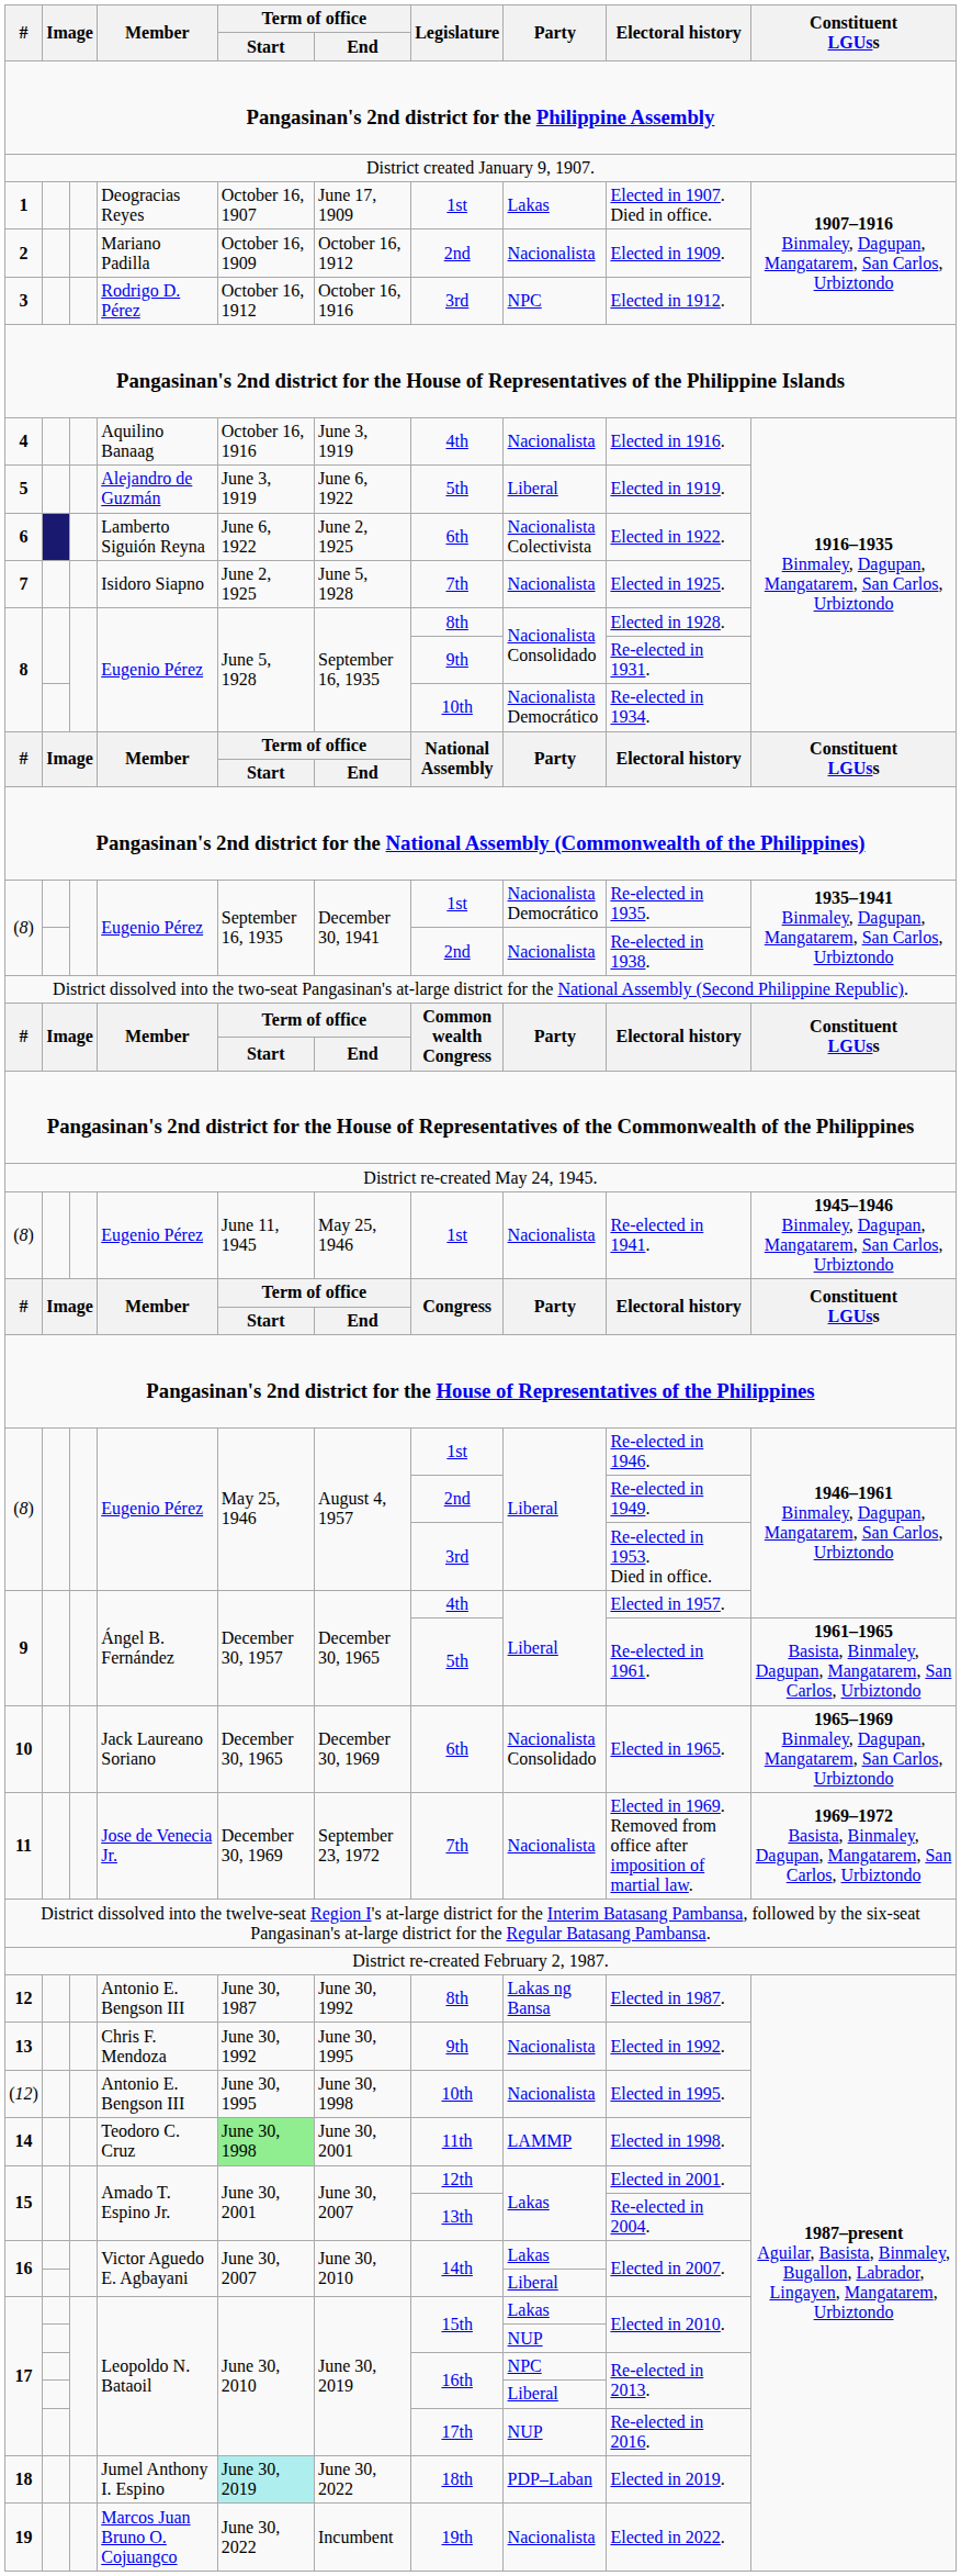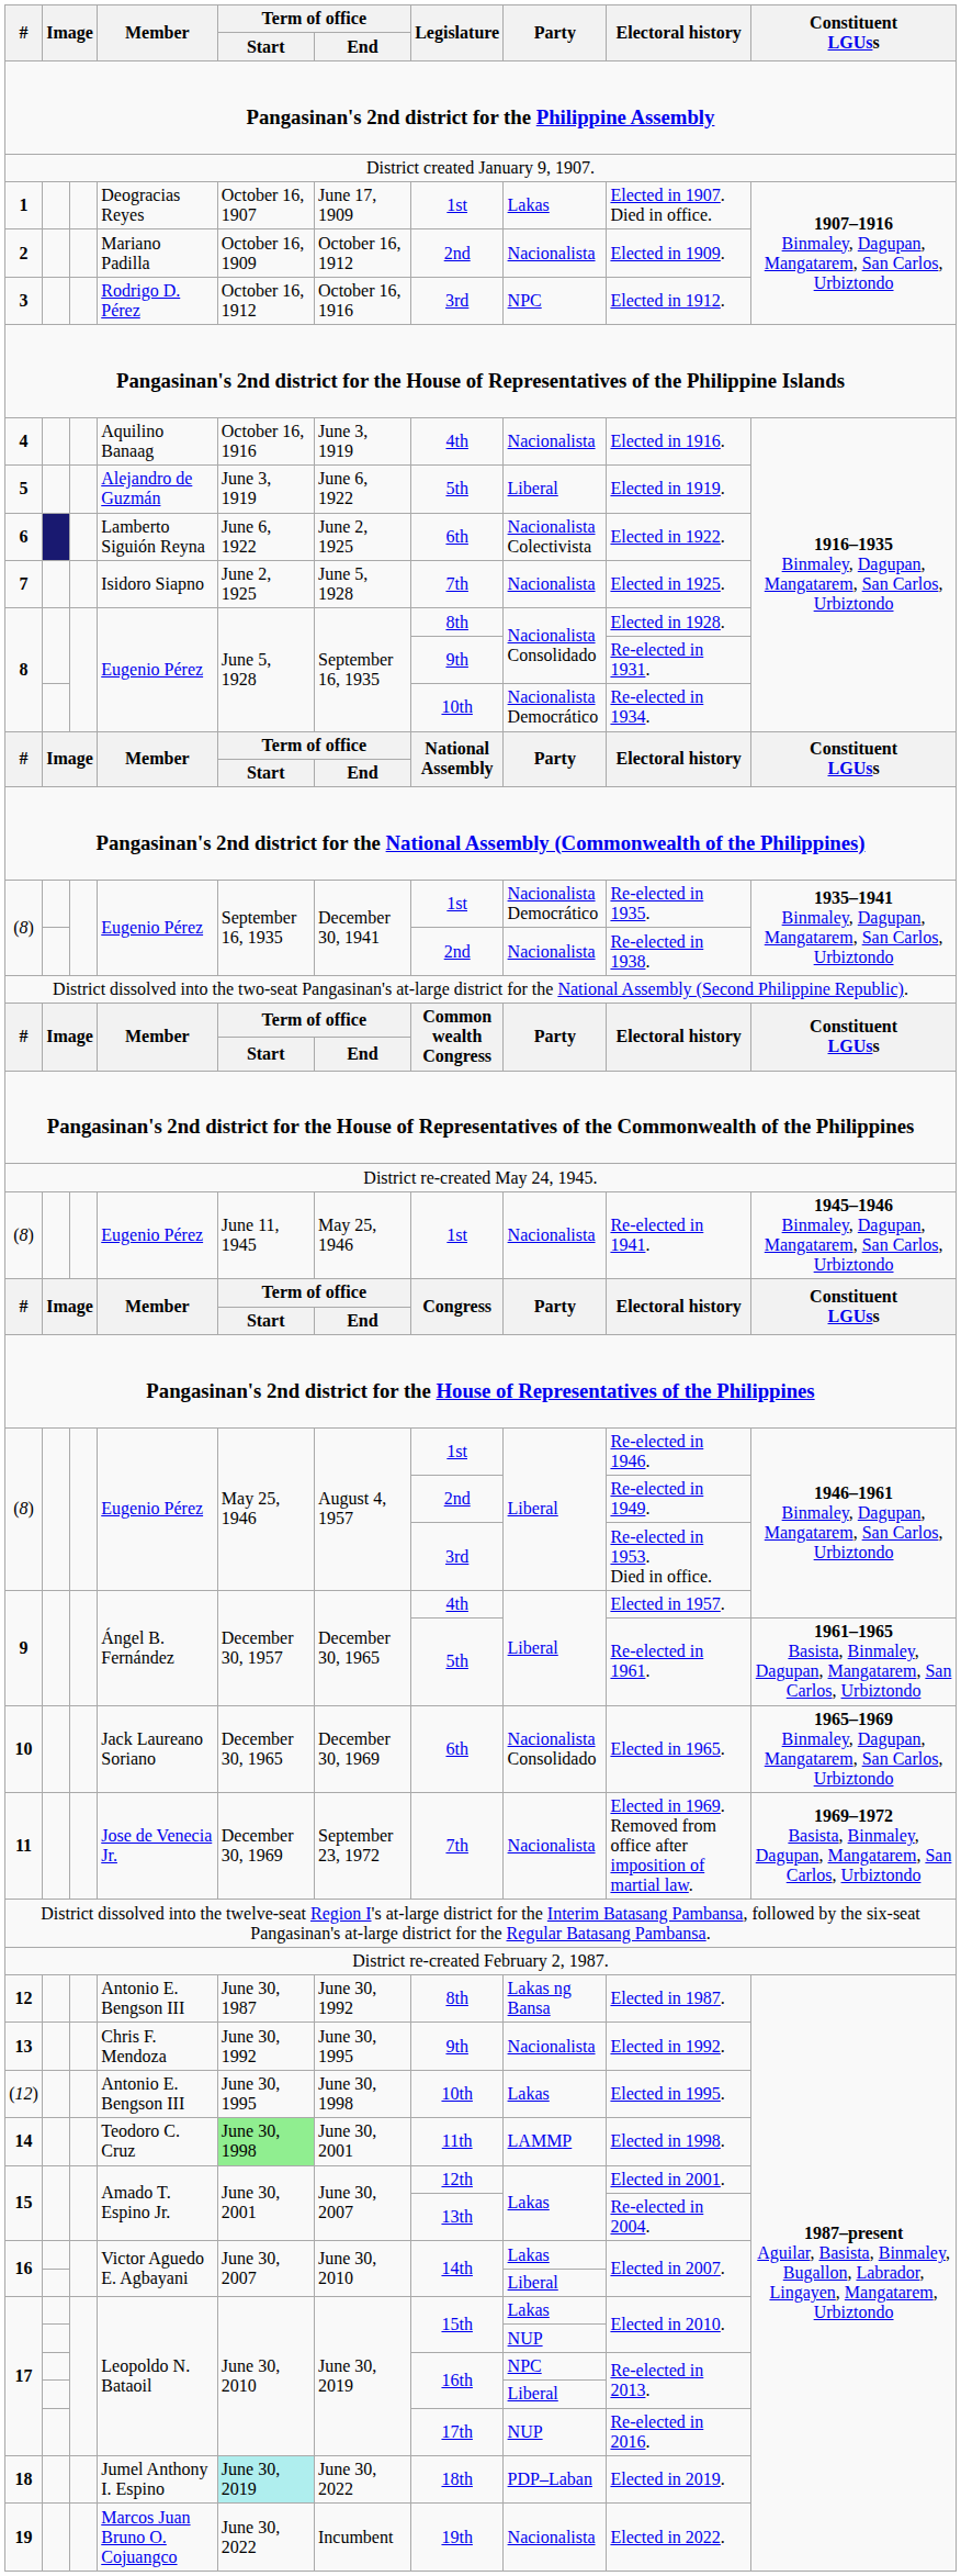 <table class=wikitable>
 <tr>
 <th rowspan="2">#</th>
 <th rowspan="2" colspan=2>Image</th>
 <th rowspan="2">Member</th>
 <th colspan=2>Term of office</th>
 <th rowspan="2">Legislature</th>
 <th rowspan="2">Party</th>
 <th rowspan="2">Electoral history</th>
 <th rowspan="2">Constituent<br><a href='#'>LGUs</a>s</th>
 </tr>
 <tr>
 <th>Start</th>
 <th>End</th>
 </tr>
 <tr>
 <td colspan="10" style="text-align:center;"><br><h3>Pangasinan's 2nd district for the <a href='#'>Philippine Assembly</a></h3></td>
 </tr>
 <tr>
 <td colspan="10" style="text-align:center;">District created January 9, 1907.</td>
 </tr>
 <tr>
 <td style="text-align:center;"><strong>1</strong></td>
 <td style="color:inherit;background:"></td>
 <td></td>
 <td>Deogracias Reyes</td>
 <td>October 16, 1907</td>
 <td>June 17, 1909</td>
 <td style="text-align:center;"><a href='#'>1st</a></td>
 <td><a href='#'>Lakas</a></td>
 <td><a href='#'>Elected in 1907</a>. <br> Died in office.</td>
 <td rowspan="3" style="text-align:center;"><strong>1907–1916</strong><br><a href='#'>Binmaley</a>, <a href='#'>Dagupan</a>, <a href='#'>Mangatarem</a>, <a href='#'>San Carlos</a>, <a href='#'>Urbiztondo</a></td>
 </tr>
 <tr>
 <td style="text-align:center;"><strong>2</strong></td>
 <td style="color:inherit;background:"></td>
 <td></td>
 <td>Mariano Padilla</td>
 <td>October 16, 1909</td>
 <td>October 16, 1912</td>
 <td style="text-align:center;"><a href='#'>2nd</a></td>
 <td><a href='#'>Nacionalista</a></td>
 <td><a href='#'>Elected in 1909</a>.</td>
 </tr>
 <tr>
 <td style="text-align:center;"><strong>3</strong></td>
 <td style="color:inherit;background:"></td>
 <td></td>
 <td><a href='#'>Rodrigo D. Pérez</a></td>
 <td>October 16, 1912</td>
 <td>October 16, 1916</td>
 <td style="text-align:center;"><a href='#'>3rd</a></td>
 <td><a href='#'>NPC</a></td>
 <td><a href='#'>Elected in 1912</a>.</td>
 </tr>
 <tr>
 <td colspan="10" style="text-align:center;"><br><h3>Pangasinan's 2nd district for the House of Representatives of the Philippine Islands</h3></td>
 </tr>
 <tr>
 <td style="text-align:center;"><strong>4</strong></td>
 <td style="color:inherit;background:"></td>
 <td></td>
 <td>Aquilino Banaag</td>
 <td>October 16, 1916</td>
 <td>June 3, 1919</td>
 <td style="text-align:center;"><a href='#'>4th</a></td>
 <td><a href='#'>Nacionalista</a></td>
 <td><a href='#'>Elected in 1916</a>.</td>
 <td rowspan="7" style="text-align:center;"><strong>1916–1935</strong><br><a href='#'>Binmaley</a>, <a href='#'>Dagupan</a>, <a href='#'>Mangatarem</a>, <a href='#'>San Carlos</a>, <a href='#'>Urbiztondo</a></td>
 </tr>
 <tr>
 <td style="text-align:center;"><strong>5</strong></td>
 <td style="color:inherit;background:"></td>
 <td></td>
 <td><a href='#'>Alejandro de Guzmán</a></td>
 <td>June 3, 1919</td>
 <td>June 6, 1922</td>
 <td style="text-align:center;"><a href='#'>5th</a></td>
 <td><a href='#'>Liberal</a></td>
 <td><a href='#'>Elected in 1919</a>.</td>
 </tr>
 <tr>
 <td style="text-align:center;"><strong>6</strong></td>
 <td style="background-color:#191970"></td>
 <td></td>
 <td>Lamberto Siguión Reyna</td>
 <td>June 6, 1922</td>
 <td>June 2, 1925</td>
 <td style="text-align:center;"><a href='#'>6th</a></td>
 <td><a href='#'>Nacionalista</a><br>Colectivista</td>
 <td><a href='#'>Elected in 1922</a>.</td>
 </tr>
 <tr>
 <td style="text-align:center;"><strong>7</strong></td>
 <td style="color:inherit;background:"></td>
 <td></td>
 <td>Isidoro Siapno</td>
 <td>June 2, 1925</td>
 <td>June 5, 1928</td>
 <td style="text-align:center;"><a href='#'>7th</a></td>
 <td><a href='#'>Nacionalista</a></td>
 <td><a href='#'>Elected in 1925</a>.</td>
 </tr>
 <tr>
 <td rowspan="3" style="text-align:center;"><strong>8</strong></td>
 <td rowspan="2" style="color:inherit;background:"></td>
 <td rowspan="3"></td>
 <td rowspan="3"><a href='#'>Eugenio Pérez</a></td>
 <td rowspan="3">June 5, 1928</td>
 <td rowspan="3">September 16, 1935</td>
 <td style="text-align:center;"><a href='#'>8th</a></td>
 <td rowspan="2"><a href='#'>Nacionalista</a><br>Consolidado</td>
 <td><a href='#'>Elected in 1928</a>.</td>
 </tr>
 <tr>
 <td style="text-align:center;"><a href='#'>9th</a></td>
 <td><a href='#'>Re-elected in 1931</a>.</td>
 </tr>
 <tr>
 <td style="color:inherit;background:"></td>
 <td style="text-align:center;"><a href='#'>10th</a></td>
 <td><a href='#'>Nacionalista</a><br>Democrático</td>
 <td><a href='#'>Re-elected in 1934</a>.</td>
 </tr>
 <tr>
 <th rowspan="2">#</th>
 <th rowspan="2" colspan=2>Image</th>
 <th rowspan="2">Member</th>
 <th colspan=2>Term of office</th>
 <th rowspan="2">National<br>Assembly</th>
 <th rowspan="2">Party</th>
 <th rowspan="2">Electoral history</th>
 <th rowspan="2">Constituent<br><a href='#'>LGUs</a>s</th>
 </tr>
 <tr>
 <th>Start</th>
 <th>End</th>
 </tr>
 <tr>
 <td colspan="10" style="text-align:center;"><br><h3>Pangasinan's 2nd district for the <a href='#'>National Assembly (Commonwealth of the Philippines)</a></h3></td>
 </tr>
 <tr>
 <td rowspan="2" style="text-align:center;">(<em>8</em>)</td>
 <td style="color:inherit;background:"></td>
 <td rowspan="2"></td>
 <td rowspan="2"><a href='#'>Eugenio Pérez</a></td>
 <td rowspan="2">September 16, 1935</td>
 <td rowspan="2">December 30, 1941</td>
 <td style="text-align:center;"><a href='#'>1st</a></td>
 <td><a href='#'>Nacionalista</a><br>Democrático</td>
 <td><a href='#'>Re-elected in 1935</a>.</td>
 <td rowspan="2" style="text-align:center;"><strong>1935–1941</strong><br><a href='#'>Binmaley</a>, <a href='#'>Dagupan</a>, <a href='#'>Mangatarem</a>, <a href='#'>San Carlos</a>, <a href='#'>Urbiztondo</a></td>
 </tr>
 <tr>
 <td style="color:inherit;background:"></td>
 <td style="text-align:center;"><a href='#'>2nd</a></td>
 <td><a href='#'>Nacionalista</a></td>
 <td><a href='#'>Re-elected in 1938</a>.</td>
 </tr>
 <tr>
 <td colspan="10" style="text-align:center;">District dissolved into the two-seat Pangasinan's at-large district for the <a href='#'>National Assembly (Second Philippine Republic)</a>.</td>
 </tr>
 <tr>
 <th rowspan="2">#</th>
 <th rowspan="2" colspan=2>Image</th>
 <th rowspan="2">Member</th>
 <th colspan=2>Term of office</th>
 <th rowspan="2">Common<br>wealth<br>Congress</th>
 <th rowspan="2">Party</th>
 <th rowspan="2">Electoral history</th>
 <th rowspan="2">Constituent<br><a href='#'>LGUs</a>s</th>
 </tr>
 <tr>
 <th>Start</th>
 <th>End</th>
 </tr>
 <tr>
 <td colspan="10" style="text-align:center;"><br><h3>Pangasinan's 2nd district for the House of Representatives of the Commonwealth of the Philippines</h3></td>
 </tr>
 <tr>
 <td colspan="10" style="text-align:center;">District re-created May 24, 1945.</td>
 </tr>
 <tr>
 <td style="text-align:center;">(<em>8</em>)</td>
 <td style="color:inherit;background:"></td>
 <td></td>
 <td><a href='#'>Eugenio Pérez</a></td>
 <td>June 11, 1945</td>
 <td>May 25, 1946</td>
 <td style="text-align:center;"><a href='#'>1st</a></td>
 <td><a href='#'>Nacionalista</a></td>
 <td><a href='#'>Re-elected in 1941</a>.</td>
 <td style="text-align:center;"><strong>1945–1946</strong><br><a href='#'>Binmaley</a>, <a href='#'>Dagupan</a>, <a href='#'>Mangatarem</a>, <a href='#'>San Carlos</a>, <a href='#'>Urbiztondo</a></td>
 </tr>
 <tr>
 <th rowspan="2">#</th>
 <th rowspan="2" colspan=2>Image</th>
 <th rowspan="2">Member</th>
 <th colspan=2>Term of office</th>
 <th rowspan="2">Congress</th>
 <th rowspan="2">Party</th>
 <th rowspan="2">Electoral history</th>
 <th rowspan="2">Constituent<br><a href='#'>LGUs</a>s</th>
 </tr>
 <tr>
 <th>Start</th>
 <th>End</th>
 </tr>
 <tr>
 <td colspan="10" style="text-align:center;"><br><h3>Pangasinan's 2nd district for the <a href='#'>House of Representatives of the Philippines</a></h3></td>
 </tr>
 <tr>
 <td rowspan="3" style="text-align:center;">(<em>8</em>)</td>
 <td rowspan="3" style="color:inherit;background:"></td>
 <td rowspan="3"></td>
 <td rowspan="3"><a href='#'>Eugenio Pérez</a></td>
 <td rowspan="3">May 25, 1946</td>
 <td rowspan="3">August 4, 1957</td>
 <td style="text-align:center;"><a href='#'>1st</a></td>
 <td rowspan="3"><a href='#'>Liberal</a></td>
 <td><a href='#'>Re-elected in 1946</a>.</td>
 <td rowspan="4" style="text-align:center;"><strong>1946–1961</strong><br><a href='#'>Binmaley</a>, <a href='#'>Dagupan</a>, <a href='#'>Mangatarem</a>, <a href='#'>San Carlos</a>, <a href='#'>Urbiztondo</a></td>
 </tr>
 <tr>
 <td style="text-align:center;"><a href='#'>2nd</a></td>
 <td><a href='#'>Re-elected in 1949</a>.</td>
 </tr>
 <tr>
 <td style="text-align:center;"><a href='#'>3rd</a></td>
 <td><a href='#'>Re-elected in 1953</a>. <br> Died in office.</td>
 </tr>
 <tr>
 <td rowspan="2" style="text-align:center;"><strong>9</strong></td>
 <td rowspan="2" style="color:inherit;background:"></td>
 <td rowspan="2"></td>
 <td rowspan="2">Ángel B. Fernández</td>
 <td rowspan="2">December 30, 1957</td>
 <td rowspan="2">December 30, 1965</td>
 <td style="text-align:center;"><a href='#'>4th</a></td>
 <td rowspan="2"><a href='#'>Liberal</a></td>
 <td><a href='#'>Elected in 1957</a>.</td>
 </tr>
 <tr>
 <td style="text-align:center;"><a href='#'>5th</a></td>
 <td><a href='#'>Re-elected in 1961</a>.</td>
 <td style="text-align:center;"><strong>1961–1965</strong><br><a href='#'>Basista</a>, <a href='#'>Binmaley</a>, <a href='#'>Dagupan</a>, <a href='#'>Mangatarem</a>, <a href='#'>San Carlos</a>, <a href='#'>Urbiztondo</a> </td>
 </tr>
 <tr>
 <td style="text-align:center;"><strong>10</strong></td>
 <td style="color:inherit;background:"></td>
 <td></td>
 <td>Jack Laureano Soriano</td>
 <td>December 30, 1965</td>
 <td>December 30, 1969</td>
 <td style="text-align:center;"><a href='#'>6th</a></td>
 <td><a href='#'>Nacionalista</a><br>Consolidado</td>
 <td><a href='#'>Elected in 1965</a>.</td>
 <td style="text-align:center;"><strong>1965–1969</strong><br><a href='#'>Binmaley</a>, <a href='#'>Dagupan</a>, <a href='#'>Mangatarem</a>, <a href='#'>San Carlos</a>, <a href='#'>Urbiztondo</a> </td>
 </tr>
 <tr>
 <td style="text-align:center;"><strong>11</strong></td>
 <td style="color:inherit;background:"></td>
 <td></td>
 <td><a href='#'>Jose de Venecia Jr.</a></td>
 <td>December 30, 1969</td>
 <td>September 23, 1972</td>
 <td style="text-align:center;"><a href='#'>7th</a></td>
 <td><a href='#'>Nacionalista</a></td>
 <td><a href='#'>Elected in 1969</a>.<br>Removed from office after <a href='#'>imposition of martial law</a>.</td>
 <td style="text-align:center;"><strong>1969–1972</strong><br><a href='#'>Basista</a>, <a href='#'>Binmaley</a>, <a href='#'>Dagupan</a>, <a href='#'>Mangatarem</a>, <a href='#'>San Carlos</a>, <a href='#'>Urbiztondo</a> </td>
 </tr>
 <tr>
 <td colspan="10" style="text-align:center;">District dissolved into the twelve-seat <a href='#'>Region I</a>'s at-large district for the <a href='#'>Interim Batasang Pambansa</a>, followed by the six-seat Pangasinan's at-large district for the <a href='#'>Regular Batasang Pambansa</a>.</td>
 </tr>
 <tr>
 <td colspan="10" style="text-align:center;">District re-created February 2, 1987.</td>
 </tr>
 <tr>
 <td style="text-align:center;"><strong>12</strong></td>
 <td style="color:inherit;background:"></td>
 <td></td>
 <td>Antonio E. Bengson III</td>
 <td>June 30, 1987</td>
 <td>June 30, 1992</td>
 <td style="text-align:center;"><a href='#'>8th</a></td>
 <td><a href='#'>Lakas ng Bansa</a></td>
 <td><a href='#'>Elected in 1987</a>.</td>
 <td rowspan="15" style="text-align:center;"><strong>1987–present</strong><br><a href='#'>Aguilar</a>, <a href='#'>Basista</a>, <a href='#'>Binmaley</a>, <a href='#'>Bugallon</a>, <a href='#'>Labrador</a>, <a href='#'>Lingayen</a>, <a href='#'>Mangatarem</a>, <a href='#'>Urbiztondo</a></td>
 </tr>
 <tr>
 <td style="text-align:center;"><strong>13</strong></td>
 <td style="color:inherit;background:"></td>
 <td></td>
 <td>Chris F. Mendoza</td>
 <td>June 30, 1992</td>
 <td>June 30, 1995</td>
 <td style="text-align:center;"><a href='#'>9th</a></td>
 <td><a href='#'>Nacionalista</a></td>
 <td><a href='#'>Elected in 1992</a>.</td>
 </tr>
 <tr>
 <td style="text-align:center;">(<em>12</em>)</td>
 <td style="color:inherit;background:"></td>
 <td></td>
 <td>Antonio E. Bengson III</td>
 <td>June 30, 1995</td>
 <td>June 30, 1998</td>
 <td style="text-align:center;"><a href='#'>10th</a></td>
-<td><a href='#'>Nacionalista</a></td>
+<td><a href='#'>Lakas</a></td>
 <td><a href='#'>Elected in 1995</a>.</td>
 </tr>
 <tr>
 <td style="text-align:center;"><strong>14</strong></td>
 <td style="color:inherit;background:"></td>
 <td></td>
 <td>Teodoro C. Cruz</td>
 <td style="background: lightgreen;">June 30, 1998</td>
 <td>June 30, 2001</td>
 <td style="text-align:center;"><a href='#'>11th</a></td>
 <td><a href='#'>LAMMP</a></td>
 <td><a href='#'>Elected in 1998</a>.</td>
 </tr>
 <tr>
 <td rowspan="2" style="text-align:center;"><strong>15</strong></td>
 <td rowspan="2" style="color:inherit;background:"></td>
 <td rowspan="2"></td>
 <td rowspan="2">Amado T. Espino Jr.</td>
 <td rowspan="2">June 30, 2001</td>
 <td rowspan="2">June 30, 2007</td>
 <td style="text-align:center;"><a href='#'>12th</a></td>
 <td rowspan="2"><a href='#'>Lakas</a></td>
 <td><a href='#'>Elected in 2001</a>.</td>
 </tr>
 <tr>
 <td style="text-align:center;"><a href='#'>13th</a></td>
 <td><a href='#'>Re-elected in 2004</a>.</td>
 </tr>
 <tr>
 <td style="text-align:center;" rowspan="2"><strong>16</strong></td>
 <td style="color:inherit;background:"></td>
 <td rowspan="2"></td>
 <td rowspan="2">Victor Aguedo E. Agbayani</td>
 <td rowspan="2">June 30, 2007</td>
 <td rowspan="2">June 30, 2010</td>
 <td style="text-align:center;" rowspan="2"><a href='#'>14th</a></td>
 <td><a href='#'>Lakas</a></td>
 <td rowspan="2"><a href='#'>Elected in 2007</a>.</td>
 </tr>
 <tr>
 <td style="color:inherit;background:"></td>
 <td><a href='#'>Liberal</a></td>
 </tr>
 <tr>
 <td rowspan="5" style="text-align:center;"><strong>17</strong></td>
 <td style="color:inherit;background:"></td>
 <td rowspan="5"></td>
 <td rowspan="5">Leopoldo N. Bataoil</td>
 <td rowspan="5">June 30, 2010</td>
 <td rowspan="5">June 30, 2019</td>
 <td style="text-align:center;" rowspan="2"><a href='#'>15th</a></td>
 <td><a href='#'>Lakas</a></td>
 <td rowspan="2"><a href='#'>Elected in 2010</a>.</td>
 </tr>
 <tr>
 <td style="color:inherit;background:"></td>
 <td><a href='#'>NUP</a></td>
 </tr>
 <tr>
 <td style="color:inherit;background:"></td>
 <td style="text-align:center;" rowspan="2"><a href='#'>16th</a></td>
 <td><a href='#'>NPC</a></td>
 <td rowspan="2"><a href='#'>Re-elected in 2013</a>.</td>
 </tr>
 <tr>
 <td style="color:inherit;background:"></td>
 <td><a href='#'>Liberal</a></td>
 </tr>
 <tr>
 <td style="color:inherit;background:"></td>
 <td style="text-align:center;"><a href='#'>17th</a></td>
 <td><a href='#'>NUP</a></td>
 <td><a href='#'>Re-elected in 2016</a>.</td>
 </tr>
 <tr>
 <td style="text-align:center;"><strong>18</strong></td>
 <td style="color:inherit;background:"></td>
 <td></td>
 <td>Jumel Anthony I. Espino</td>
 <td style="background: paleturquoise;">June 30, 2019</td>
 <td>June 30, 2022</td>
 <td style="text-align:center;"><a href='#'>18th</a></td>
 <td><a href='#'>PDP–Laban</a></td>
 <td><a href='#'>Elected in 2019</a>.</td>
 </tr>
 <tr>
 <td style="text-align:center;"><strong>19</strong></td>
 <td style="color:inherit;background:"></td>
 <td></td>
 <td><a href='#'>Marcos Juan Bruno O. Cojuangco</a></td>
 <td>June 30, 2022</td>
 <td>Incumbent</td>
 <td style="text-align:center;"><a href='#'>19th</a></td>
 <td><a href='#'>Nacionalista</a></td>
 <td><a href='#'>Elected in 2022</a>.</td>
 </tr>
 </table>
